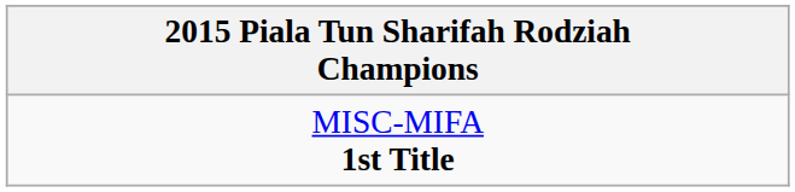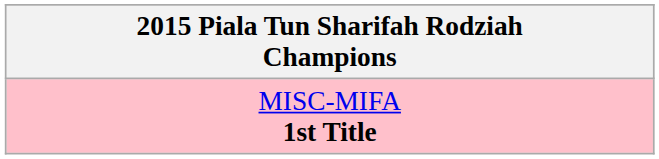 <table class="wikitable" style="text-align: center; margin: 0 auto; width: 30%">
 <tr>
 <th>2015 Piala Tun Sharifah Rodziah<br>Champions</th>
 </tr>
 <tr>
-<td> <a href='#'>MISC-MIFA</a><br><strong>1st Title</strong></td>
+<td style="background: pink;"> <a href='#'>MISC-MIFA</a><br><strong>1st Title</strong></td>
 </tr>
 </table>
